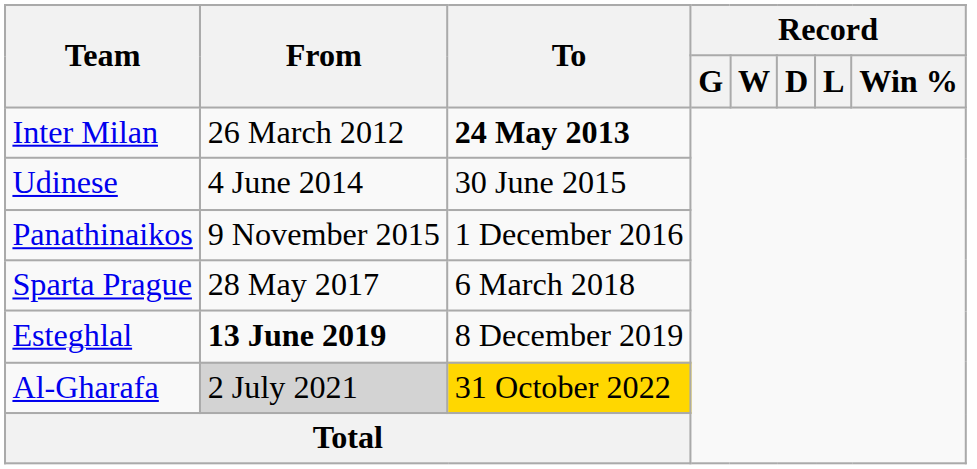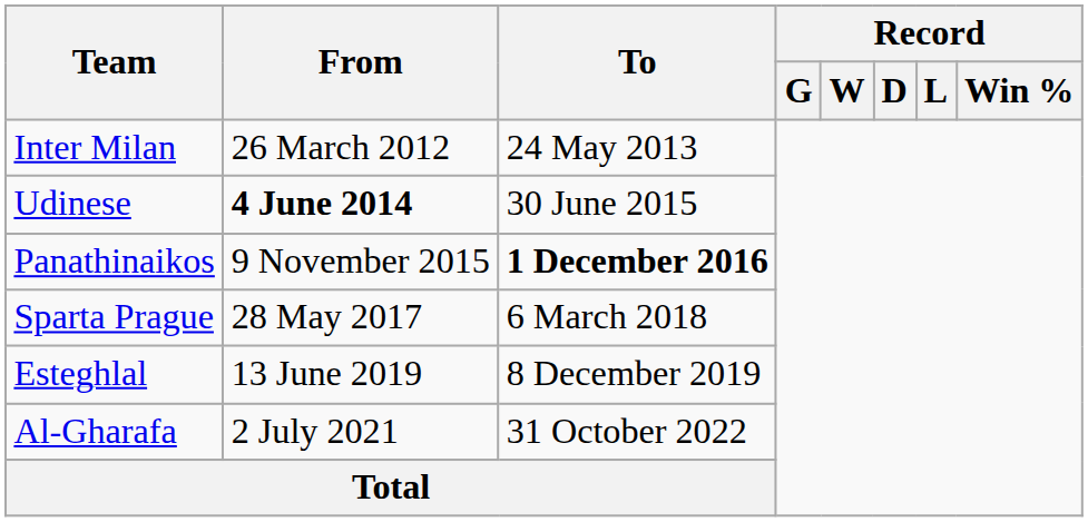 <table class="wikitable" style="text-align: center">
 <tr>
 <th rowspan="2">Team</th>
 <th rowspan="2">From</th>
 <th rowspan="2">To</th>
 <th colspan="5">Record</th>
 </tr>
 <tr>
 <th>G</th>
 <th>W</th>
 <th>D</th>
 <th>L</th>
 <th>Win %</th>
 </tr>
 <tr>
 <td align=left><a href='#'>Inter Milan</a></td>
 <td align=left>26 March 2012</td>
-<td align=left><strong>24 May 2013<br></strong></td>
+<td align=left>24 May 2013<br></td>
 </tr>
 <tr>
 <td align=left><a href='#'>Udinese</a></td>
-<td align=left>4 June 2014</td>
+<td align=left><strong>4 June 2014</strong></td>
 <td align=left>30 June 2015<br></td>
 </tr>
 <tr>
 <td align=left><a href='#'>Panathinaikos</a></td>
 <td align=left>9 November 2015</td>
-<td align=left>1 December 2016<br></td>
+<td align=left><strong>1 December 2016<br></strong></td>
 </tr>
 <tr>
 <td align=left><a href='#'>Sparta Prague</a></td>
 <td align=left>28 May 2017</td>
 <td align=left>6 March 2018<br></td>
 </tr>
 <tr>
 <td align=left><a href='#'>Esteghlal</a></td>
-<td align=left><strong>13 June 2019</strong></td>
+<td align=left>13 June 2019</td>
 <td align=left>8 December 2019<br></td>
 </tr>
 <tr>
 <td align=left><a href='#'>Al-Gharafa</a></td>
-<td align=left style="background: lightgrey;">2 July 2021</td>
-<td align=left style="background: gold;">31 October 2022<br></td>
+<td align=left>2 July 2021</td>
+<td align=left>31 October 2022<br></td>
 </tr>
 <tr>
 <th colspan="3">Total<br></th>
 </tr>
 </table>
